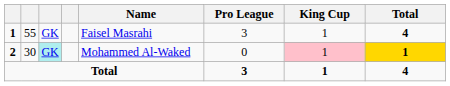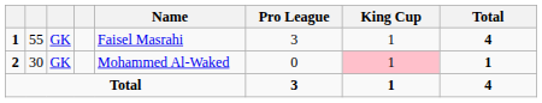 <table class="wikitable" style="text-align:center">
 <tr>
 <th width=15></th>
 <th width=15></th>
 <th width=15></th>
 <th width=15></th>
 <th width=160>Name</th>
 <th width=100>Pro League</th>
 <th width=100>King Cup</th>
 <th width=100>Total</th>
 </tr>
 <tr>
 <td><strong>1</strong></td>
 <td>55</td>
 <td><a href='#'>GK</a></td>
 <td></td>
 <td align=left><a href='#'>Faisel Masrahi</a></td>
 <td>3</td>
 <td>1</td>
 <td><strong>4</strong></td>
 </tr>
 <tr>
 <td><strong>2</strong></td>
 <td>30</td>
-<td style="background: paleturquoise;"><a href='#'>GK</a></td>
+<td><a href='#'>GK</a></td>
 <td></td>
 <td align=left><a href='#'>Mohammed Al-Waked</a></td>
 <td>0</td>
 <td style="background: pink;">1</td>
-<td style="background: gold;"><strong>1</strong></td>
+<td><strong>1</strong></td>
 </tr>
 <tr>
 <td colspan=5><strong>Total</strong></td>
 <td><strong>3</strong></td>
 <td><strong>1</strong></td>
 <td><strong>4</strong></td>
 </tr>
 </table>
